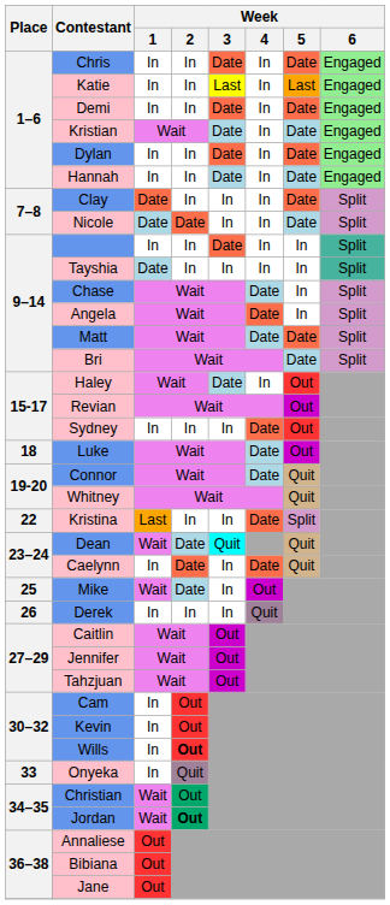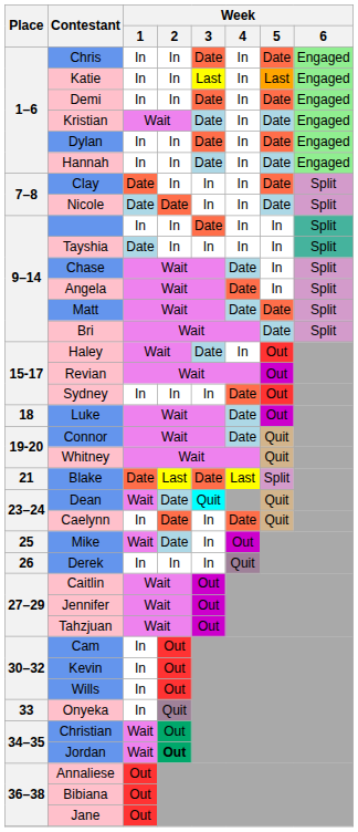 <table class="wikitable" style="text-align:center">
 <tr>
 <th rowspan="2">Place</th>
 <th rowspan="2">Contestant</th>
 <th colspan="6">Week</th>
 </tr>
 <tr>
 <th>1</th>
 <th>2</th>
 <th>3</th>
 <th>4</th>
 <th>5</th>
 <th>6</th>
 </tr>
 <tr>
 <th rowspan="6">1–6</th>
 <td bgcolor="#6495ed">Chris</td>
 <td bgcolor=#FFFFFF>In</td>
 <td bgcolor=#FFFFFF>In</td>
 <td bgcolor=#FF6E4A>Date</td>
 <td bgcolor=#FFFFFF>In</td>
 <td bgcolor=FF6E4A>Date</td>
 <td bgcolor="#90EE90">Engaged</td>
 </tr>
 <tr>
 <td bgcolor="#ffc0cb">Katie</td>
 <td bgcolor=#FFFFFF>In</td>
 <td bgcolor=#FFFFFF>In</td>
 <td bgcolor=#FFFF00>Last</td>
 <td bgcolor=#FFFFFF>In</td>
 <td bgcolor=#FFA500>Last</td>
 <td bgcolor="#90EE90">Engaged</td>
 </tr>
 <tr>
 <td bgcolor="#ffc0cb">Demi</td>
 <td bgcolor="#FFFFFF">In</td>
 <td bgcolor="#FFFFFF">In</td>
 <td bgcolor="FF6E4A">Date</td>
 <td bgcolor="#FFFFFF">In</td>
 <td bgcolor="FF6E4A">Date</td>
 <td bgcolor="90EE90">Engaged</td>
 </tr>
 <tr>
 <td bgcolor="ffc0cb">Kristian</td>
 <td colspan="2" bgcolor="violet">Wait</td>
 <td bgcolor=ADD8E6>Date</td>
 <td bgcolor=#FFFFFF>In</td>
 <td bgcolor=ADD8E6>Date</td>
 <td bgcolor="90EE90">Engaged</td>
 </tr>
 <tr>
 <td bgcolor="#6495ed">Dylan</td>
 <td bgcolor="#FFFFFF">In</td>
 <td bgcolor="#FFFFFF">In</td>
 <td bgcolor="FF6E4A">Date</td>
 <td bgcolor="#FFFFFF">In</td>
 <td bgcolor="FF6E4A">Date</td>
 <td bgcolor="90EE90">Engaged</td>
 </tr>
 <tr>
 <td bgcolor="#ffc0cb">Hannah</td>
 <td bgcolor="#FFFFFF">In</td>
 <td bgcolor="#FFFFFF">In</td>
 <td bgcolor="#ADD8E6">Date</td>
 <td bgcolor="#FFFFFF">In</td>
 <td bgcolor="ADD8E6">Date</td>
 <td bgcolor="90EE90">Engaged</td>
 </tr>
 <tr>
 <th rowspan = "2">7–8</th>
 <td bgcolor="#6495ed">Clay</td>
 <td bgcolor=#FF6E4A>Date</td>
 <td bgcolor=#FFFFFF>In</td>
 <td bgcolor=#FFFFFF>In</td>
 <td bgcolor=#FFFFFF>In</td>
 <td bgcolor=FF6E4A>Date</td>
 <td bgcolor=D39BCB>Split</td>
 </tr>
 <tr>
 <td bgcolor="#ffc0cb">Nicole</td>
 <td bgcolor=#ADD8E6>Date</td>
 <td bgcolor=FF6E4A>Date</td>
 <td bgcolor=#FFFFFF>In</td>
 <td bgcolor=#FFFFFF>In</td>
 <td bgcolor=ADD8E6>Date</td>
 <td bgcolor=D39BCB>Split</td>
 </tr>
 <tr>
 <th rowspan="6">9–14</th>
 <td bgcolor="#6495ed"></td>
 <td bgcolor=#FFFFFF>In</td>
 <td bgcolor=#FFFFFF>In</td>
 <td bgcolor=#FF6E4A>Date</td>
 <td bgcolor=#FFFFFF>In</td>
 <td bgcolor=FFFFFF>In</td>
 <td bgcolor=45B39D>Split</td>
 </tr>
 <tr>
 <td bgcolor="#ffc0cb">Tayshia</td>
 <td bgcolor=#ADD8E6>Date</td>
 <td bgcolor=#FFFFFF>In</td>
 <td bgcolor=#FFFFFF>In</td>
 <td bgcolor=#FFFFFF>In</td>
 <td bgcolor=FFFFFF>In</td>
 <td bgcolor=45B39D>Split</td>
 </tr>
 <tr>
 <td bgcolor="#6495ed">Chase</td>
 <td colspan="3" bgcolor="violet">Wait</td>
 <td bgcolor=#ADD8E6>Date</td>
 <td bgcolor=FFFFFF>In</td>
 <td bgcolor=D39BCB>Split</td>
 </tr>
 <tr>
 <td bgcolor="#ffc0cb">Angela</td>
 <td colspan="3" bgcolor="violet">Wait</td>
 <td bgcolor=#FF6E4A>Date</td>
 <td bgcolor=FFFFFF>In</td>
 <td bgcolor=D39BCB>Split</td>
 </tr>
 <tr>
 <td bgcolor="#6495ed">Matt</td>
 <td colspan="3" bgcolor="violet">Wait</td>
 <td bgcolor=#ADD8E6>Date</td>
 <td bgcolor=FF6E4A>Date</td>
 <td bgcolor=D39BCB>Split</td>
 </tr>
 <tr>
 <td bgcolor="#ffc0cb">Bri</td>
 <td colspan="4" bgcolor="violet">Wait</td>
 <td bgcolor=ADD8E6>Date</td>
 <td bgcolor=D39BCB>Split</td>
 </tr>
 <tr>
 <th rowspan="3">15-17</th>
 <td bgcolor="#ffc0cb">Haley</td>
 <td colspan="2" bgcolor="violet">Wait</td>
 <td bgcolor=ADD8E6>Date</td>
 <td bgcolor=#FFFFFF>In</td>
 <td bgcolor=FF3333>Out</td>
 <td bgcolor="a9a9a9"></td>
 </tr>
 <tr>
 <td bgcolor="#ffc0cb">Revian</td>
 <td colspan="4" bgcolor="violet">Wait</td>
 <td bgcolor=CC00CC>Out</td>
 <td bgcolor="a9a9a9"></td>
 </tr>
 <tr>
 <td bgcolor="#ffc0cb">Sydney</td>
 <td bgcolor=#FFFFFF>In</td>
 <td bgcolor=#FFFFFF>In</td>
 <td bgcolor=#FFFFFF>In</td>
 <td bgcolor=#FF6E4A>Date</td>
 <td bgcolor=FF3333>Out</td>
 <td bgcolor="a9a9a9"></td>
 </tr>
 <tr>
 <th>18</th>
 <td bgcolor="#6495ed">Luke</td>
 <td colspan="3" bgcolor="violet">Wait</td>
 <td bgcolor=#ADD8E6>Date</td>
 <td bgcolor=CC00CC>Out</td>
 <td bgcolor="a9a9a9"></td>
 </tr>
 <tr>
 <th rowspan="2">19-20</th>
 <td bgcolor="#6495ed">Connor</td>
 <td colspan="3" bgcolor="violet">Wait</td>
 <td bgcolor=#ADD8E6>Date</td>
 <td bgcolor=tan>Quit</td>
 <td bgcolor="a9a9a9"></td>
 </tr>
 <tr>
 <td bgcolor="#ffc0cb">Whitney</td>
 <td colspan="4" bgcolor="violet">Wait</td>
 <td bgcolor=tan>Quit</td>
 <td bgcolor="a9a9a9"></td>
 </tr>
 <tr>
-<th>22</th>
-<td bgcolor="ffc0cb">Kristina</td>
-<td bgcolor=#FFA500>Last</td>
-<td bgcolor=#FFFFFF>In</td>
-<td bgcolor=#FFFFFF>In</td>
+<th>21</th>
+<td bgcolor="#6495ed">Blake</td>
 <td bgcolor=#FF6E4A>Date</td>
+<td bgcolor=FFFF00>Last</td>
+<td bgcolor=FF6E4A>Date</td>
+<td bgcolor=#FFFF00>Last</td>
 <td bgcolor=D39BCB>Split</td>
 <td bgcolor="a9a9a9"></td>
 </tr>
 <tr>
 <th rowspan="2">23–24</th>
 <td bgcolor="#6495ed">Dean</td>
 <td bgcolor="violet">Wait</td>
 <td bgcolor=#ADD8E6>Date</td>
 <td bgcolor=aqua>Quit</td>
 <td bgcolor=a9a9a9></td>
 <td bgcolor=tan>Quit</td>
 <td bgcolor="a9a9a9"></td>
 </tr>
 <tr>
 <td bgcolor="#ffc0cb">Caelynn</td>
 <td bgcolor=#FFFFFF>In</td>
 <td bgcolor=FF6E4A>Date</td>
 <td bgcolor=#FFFFFF>In</td>
 <td bgcolor=FF6E4A>Date</td>
 <td bgcolor=tan>Quit</td>
 <td bgcolor="a9a9a9"></td>
 </tr>
 <tr>
 <th>25</th>
 <td bgcolor="#6495ed">Mike</td>
 <td bgcolor="violet">Wait</td>
 <td bgcolor=#ADD8E6>Date</td>
 <td bgcolor=#FFFFFF>In</td>
 <td bgcolor=CC00CC>Out</td>
 <td colspan="2" bgcolor="a9a9a9"></td>
 </tr>
 <tr>
 <th>26</th>
 <td bgcolor="#6495ed">Derek</td>
 <td bgcolor=#FFFFFF>In</td>
 <td bgcolor=#FFFFFF>In</td>
 <td bgcolor=#FFFFFF>In</td>
 <td bgcolor=9F8199>Quit</td>
 <td bgcolor="#a9a9a9" colspan="2"></td>
 </tr>
 <tr>
 <th rowspan="3">27–29</th>
 <td bgcolor="#ffc0cb">Caitlin</td>
 <td colspan="2" bgcolor="violet">Wait</td>
 <td bgcolor=CC00CC>Out</td>
 <td colspan="3" rowspan="3" bgcolor="#a9a9a9"></td>
 </tr>
 <tr>
 <td bgcolor="#ffc0cb">Jennifer</td>
 <td colspan="2" bgcolor="violet">Wait</td>
 <td bgcolor=CC00CC>Out</td>
 </tr>
 <tr>
 <td bgcolor="#ffc0cb">Tahzjuan</td>
 <td colspan="2" bgcolor="violet">Wait</td>
 <td bgcolor=CC00CC>Out</td>
 </tr>
 <tr>
 <th rowspan="3">30–32</th>
 <td bgcolor="#6495ed">Cam</td>
 <td bgcolor=#FFFFFF>In</td>
 <td bgcolor="#ff3333">Out</td>
 <td colspan="4" rowspan="6" bgcolor="#a9a9a9"></td>
 </tr>
 <tr>
 <td bgcolor="#6495ed">Kevin</td>
 <td bgcolor=#FFFFFF>In</td>
 <td bgcolor="#ff3333">Out</td>
 </tr>
 <tr>
 <td bgcolor="#6495ed">Wills</td>
 <td bgcolor=#FFFFFF>In</td>
-<td bgcolor="#ff3333"><strong>Out</strong></td>
+<td bgcolor="#ff3333">Out</td>
 </tr>
 <tr>
 <th>33</th>
 <td bgcolor="#ffc0cb">Onyeka</td>
 <td bgcolor=#FFFFFF>In</td>
 <td bgcolor=9F8199>Quit</td>
 </tr>
 <tr>
 <th rowspan="2">34–35</th>
 <td bgcolor="#6495ed">Christian</td>
 <td bgcolor="violet">Wait</td>
 <td bgcolor=00a86b>Out</td>
 </tr>
 <tr>
 <td bgcolor="#6495ed">Jordan</td>
 <td bgcolor="violet">Wait</td>
 <td bgcolor=00a86b><strong>Out</strong></td>
 </tr>
 <tr>
 <th rowspan="3">36–38</th>
 <td bgcolor="#ffc0cb">Annaliese</td>
 <td bgcolor="#ff3333">Out</td>
 <td colspan="5" rowspan="3" bgcolor="#a9a9a9"></td>
 </tr>
 <tr>
 <td bgcolor="#ffc0cb">Bibiana</td>
 <td bgcolor="#ff3333">Out</td>
 </tr>
 <tr>
 <td bgcolor="#ffc0cb">Jane</td>
 <td bgcolor="#ff3333">Out</td>
 </tr>
 <tr>
 </tr>
 </table>
